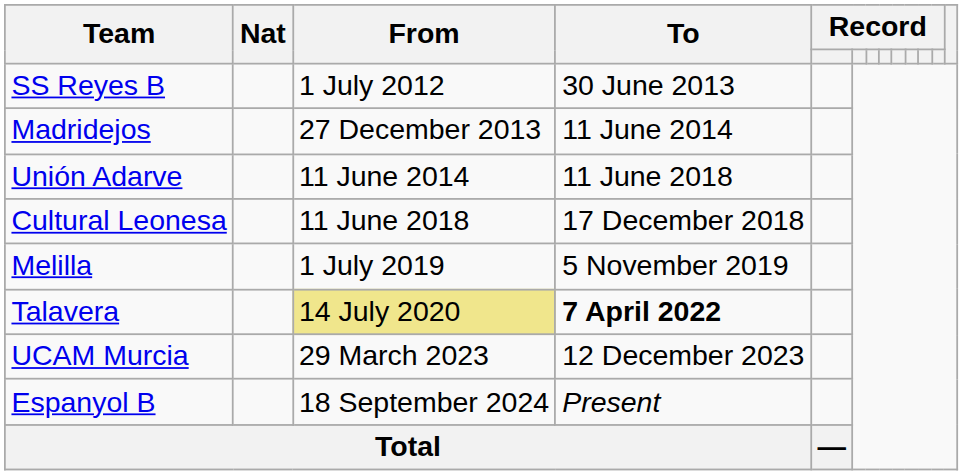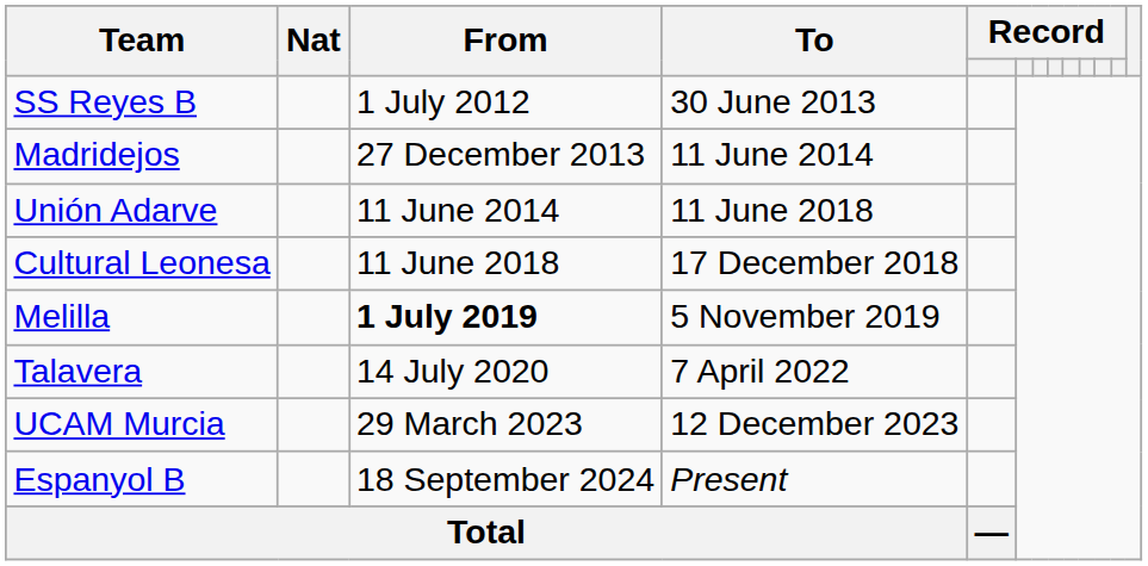 <table class="wikitable" style="text-align: center">
 <tr>
 <th rowspan="2">Team</th>
 <th rowspan="2">Nat</th>
 <th rowspan="2">From</th>
 <th rowspan="2">To</th>
 <th colspan="8">Record</th>
 <th rowspan=2></th>
 </tr>
 <tr>
 <th></th>
 <th></th>
 <th></th>
 <th></th>
 <th></th>
 <th></th>
 <th></th>
 <th></th>
 </tr>
 <tr>
 <td align=left><a href='#'>SS Reyes B</a></td>
 <td></td>
 <td align=left>1 July 2012</td>
 <td align=left>30 June 2013<br></td>
 <td></td>
 </tr>
 <tr>
 <td align=left><a href='#'>Madridejos</a></td>
 <td></td>
 <td align=left>27 December 2013</td>
 <td align=left>11 June 2014<br></td>
 <td></td>
 </tr>
 <tr>
 <td align=left><a href='#'>Unión Adarve</a></td>
 <td></td>
 <td align=left>11 June 2014</td>
 <td align=left>11 June 2018<br></td>
 <td></td>
 </tr>
 <tr>
 <td align=left><a href='#'>Cultural Leonesa</a></td>
 <td></td>
 <td align=left>11 June 2018</td>
 <td align=left>17 December 2018<br></td>
 <td></td>
 </tr>
 <tr>
 <td align=left><a href='#'>Melilla</a></td>
 <td></td>
-<td align=left>1 July 2019</td>
+<td align=left><strong>1 July 2019</strong></td>
 <td align=left>5 November 2019<br></td>
 <td></td>
 </tr>
 <tr>
 <td align=left><a href='#'>Talavera</a></td>
 <td></td>
-<td align=left style="background: khaki;">14 July 2020</td>
-<td align=left><strong>7 April 2022<br></strong></td>
+<td align=left>14 July 2020</td>
+<td align=left>7 April 2022<br></td>
 <td></td>
 </tr>
 <tr>
 <td align=left><a href='#'>UCAM Murcia</a></td>
 <td></td>
 <td align=left>29 March 2023</td>
 <td align=left>12 December 2023<br></td>
 <td></td>
 </tr>
 <tr>
 <td align=left><a href='#'>Espanyol B</a></td>
 <td></td>
 <td align=left>18 September 2024</td>
 <td align=left><em>Present</em><br></td>
 <td></td>
 </tr>
 <tr>
 <th colspan="4">Total<br></th>
 <th>—</th>
 </tr>
 </table>
